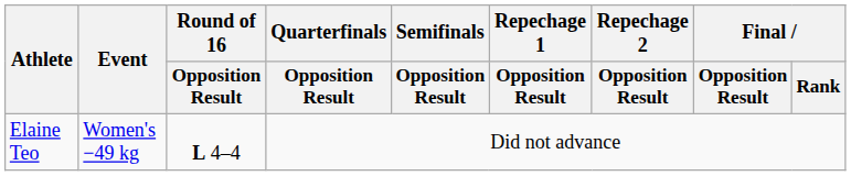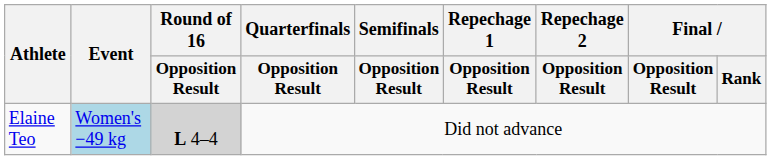 <table class="wikitable" style="font-size:90%;">
 <tr>
 <th rowspan=2>Athlete</th>
 <th rowspan=2>Event</th>
 <th>Round of 16</th>
 <th>Quarterfinals</th>
 <th>Semifinals</th>
 <th>Repechage 1</th>
 <th>Repechage 2</th>
 <th colspan=2>Final / </th>
 </tr>
 <tr style="font-size:95%">
 <th>Opposition<br>Result</th>
 <th>Opposition<br>Result</th>
 <th>Opposition<br>Result</th>
 <th>Opposition<br>Result</th>
 <th>Opposition<br>Result</th>
 <th>Opposition<br>Result</th>
 <th>Rank</th>
 </tr>
 <tr align=center>
 <td align=left><a href='#'>Elaine Teo</a></td>
-<td align=left><a href='#'>Women's −49 kg</a></td>
-<td><br><strong>L</strong> 4–4 </td>
+<td align=left style="background: lightblue;"><a href='#'>Women's −49 kg</a></td>
+<td style="background: lightgrey;"><br><strong>L</strong> 4–4 </td>
 <td colspan=6>Did not advance</td>
 </tr>
 </table>
